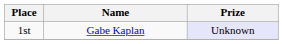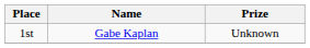 <table class="wikitable">
 <tr>
 <th width="50">Place</th>
 <th width="200">Name</th>
 <th width="125">Prize</th>
 </tr>
 <tr>
 <td align = "center">1st</td>
 <td align = "center"><a href='#'>Gabe Kaplan</a></td>
-<td align = "center" style="background: lavender;">Unknown</td>
+<td align = "center">Unknown</td>
 </tr>
 <tr>
 </tr>
 </table>
